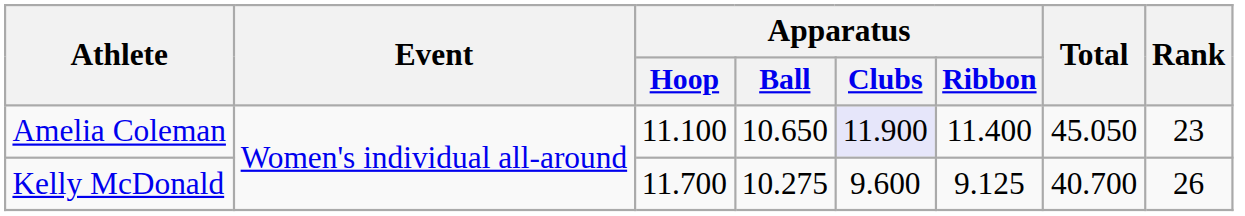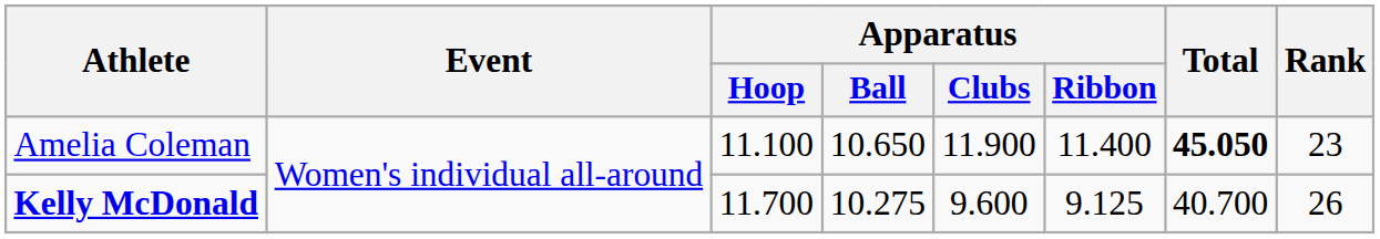 <table class="wikitable"  style="text-align:center; font-size:90%">
 <tr>
 <th rowspan="2">Athlete</th>
 <th rowspan="2">Event</th>
 <th colspan="4">Apparatus</th>
 <th rowspan="2">Total</th>
 <th rowspan="2">Rank</th>
 </tr>
 <tr style="font-size:95%">
 <th><a href='#'>Hoop</a></th>
 <th><a href='#'>Ball</a></th>
 <th><a href='#'>Clubs</a></th>
 <th><a href='#'>Ribbon</a></th>
 </tr>
 <tr>
 <td align=left><a href='#'>Amelia Coleman</a></td>
 <td align=left rowspan=2><a href='#'>Women's individual all-around</a></td>
 <td>11.100</td>
 <td>10.650</td>
-<td style="background: lavender;">11.900</td>
+<td>11.900</td>
 <td>11.400</td>
-<td>45.050</td>
+<td><strong>45.050</strong></td>
 <td>23</td>
 </tr>
 <tr>
-<td align=left><a href='#'>Kelly McDonald</a></td>
+<td align=left><strong><a href='#'>Kelly McDonald</a></strong></td>
 <td>11.700</td>
 <td>10.275</td>
 <td>9.600</td>
 <td>9.125</td>
 <td>40.700</td>
 <td>26</td>
 </tr>
 </table>
